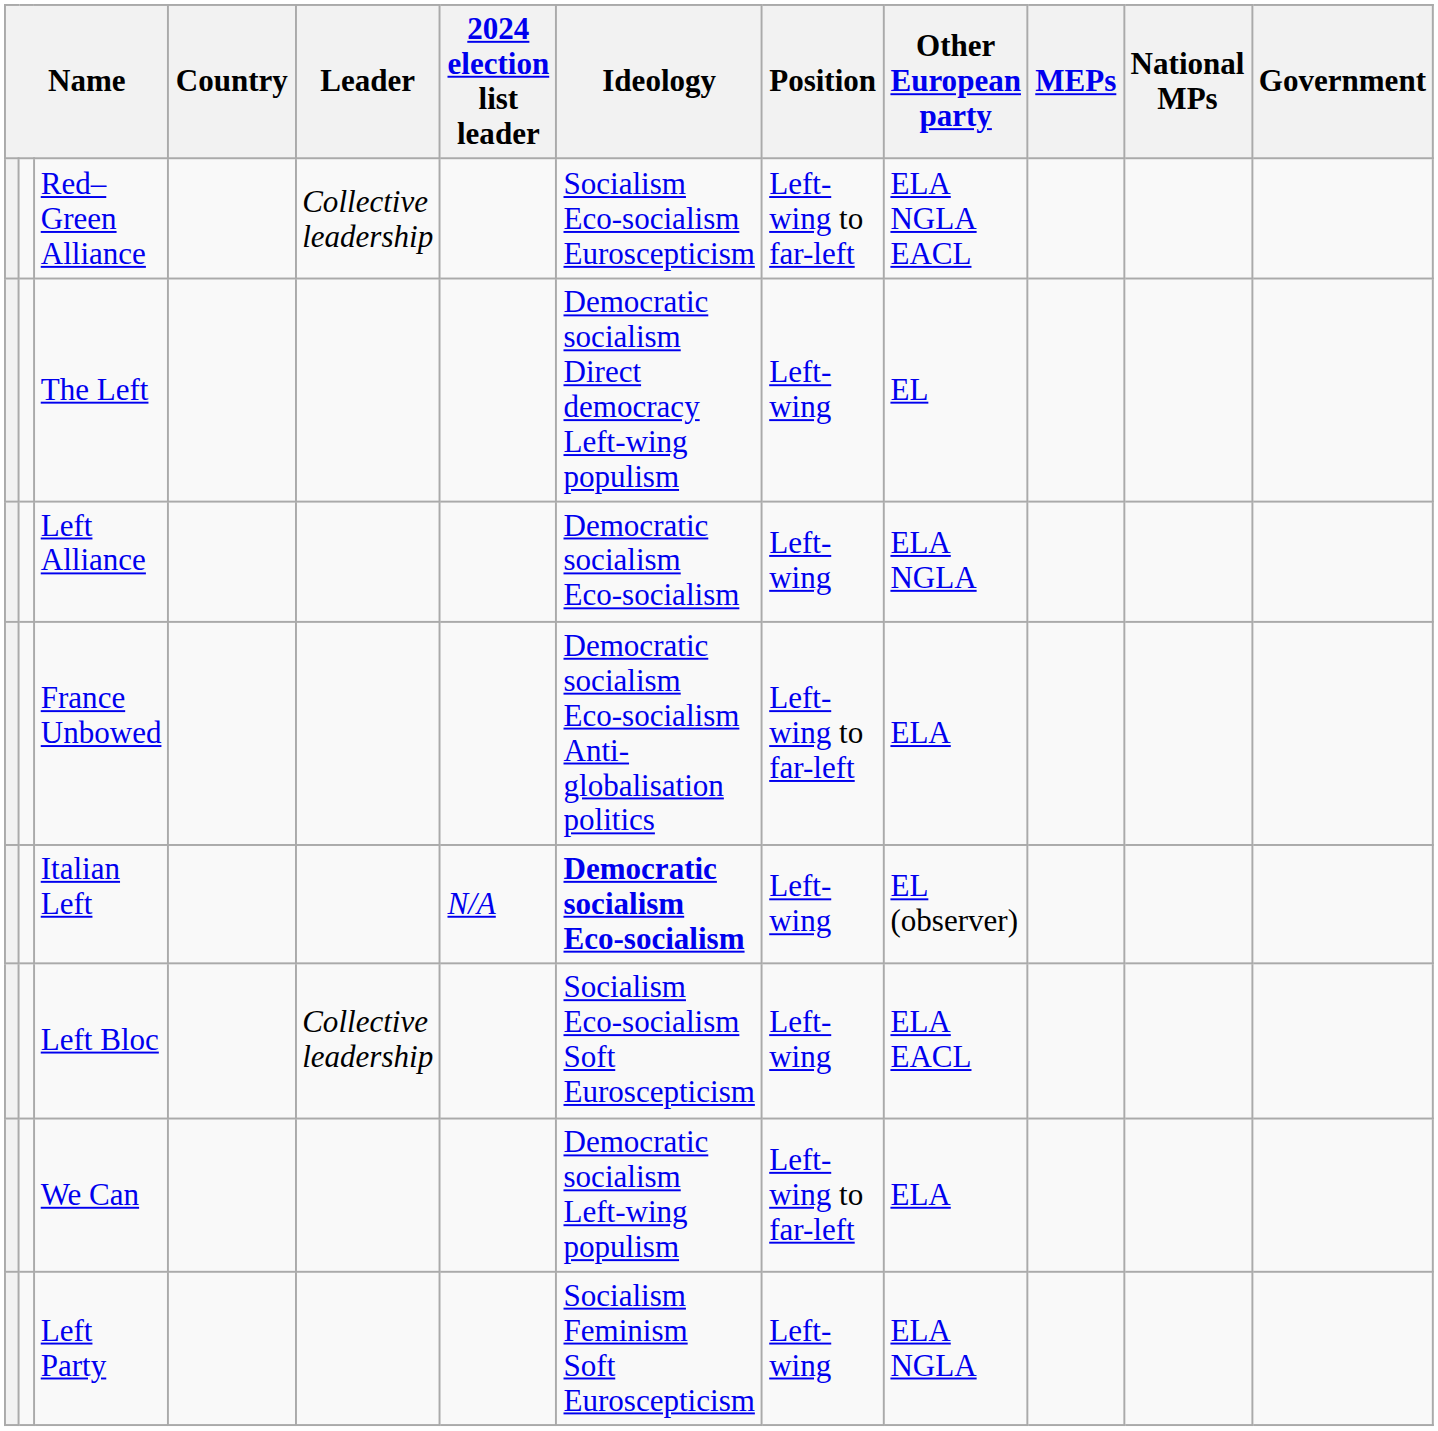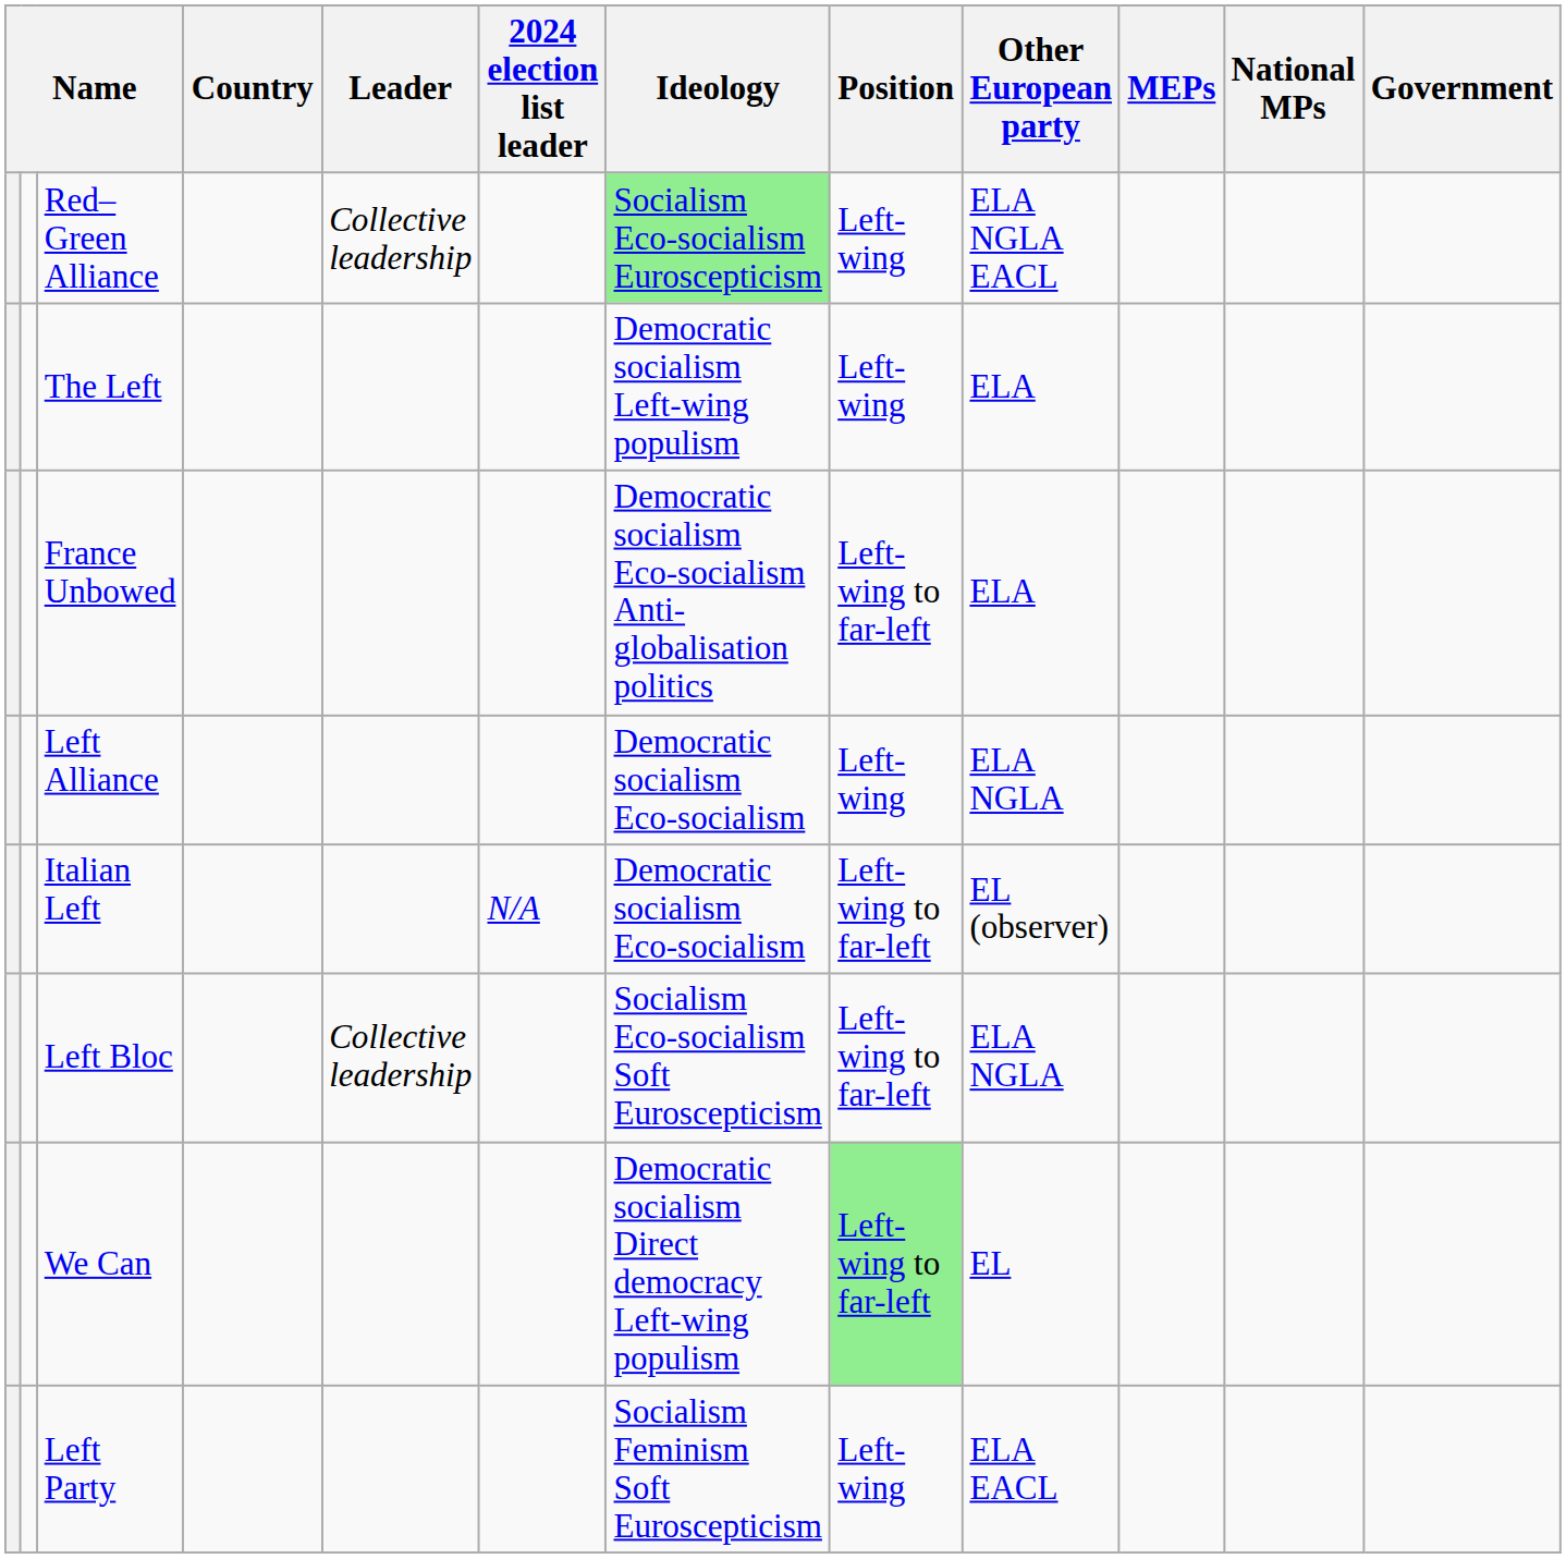 <table class="wikitable sortable">
 <tr>
 <th colspan="3">Name</th>
 <th>Country</th>
 <th>Leader</th>
 <th><a href='#'>2024 election</a><br>list leader</th>
 <th>Ideology</th>
 <th>Position</th>
 <th>Other <a href='#'>European party</a></th>
 <th><a href='#'>MEPs</a></th>
 <th>National MPs</th>
 <th>Government</th>
 </tr>
 <tr>
 <th width="5" style="background-color: "></th>
 <td></td>
 <td><a href='#'>Red–Green Alliance</a><br></td>
 <td></td>
 <td><em>Collective leadership</em></td>
 <td></td>
-<td><a href='#'>Socialism</a><br><a href='#'>Eco-socialism</a><br><a href='#'>Euroscepticism</a></td>
-<td><a href='#'>Left-wing</a> to <a href='#'>far-left</a></td>
+<td style="background: lightgreen;"><a href='#'>Socialism</a><br><a href='#'>Eco-socialism</a><br><a href='#'>Euroscepticism</a></td>
+<td><a href='#'>Left-wing</a></td>
 <td><a href='#'>ELA</a><br><a href='#'>NGLA</a><br><a href='#'>EACL</a></td>
 <td></td>
 <td></td>
 <td></td>
 </tr>
 <tr>
 <th width="5" style="background-color: "></th>
 <td></td>
 <td><a href='#'>The Left</a><br></td>
 <td></td>
 <td><br></td>
 <td><br></td>
-<td><a href='#'>Democratic socialism</a><br><a href='#'>Direct democracy</a><br><a href='#'>Left-wing populism</a></td>
+<td><a href='#'>Democratic socialism</a><br><a href='#'>Left-wing populism</a></td>
 <td><a href='#'>Left-wing</a></td>
-<td><a href='#'>EL</a></td>
+<td><a href='#'>ELA</a></td>
+<td></td>
+<td></td>
+<td></td>
+</tr>
+<tr>
+<th width="5" style="background-color: "></th>
+<td></td>
+<td><a href='#'>France Unbowed</a><br><br></td>
+<td></td>
+<td></td>
+<td></td>
+<td><a href='#'>Democratic socialism</a><br><a href='#'>Eco-socialism</a><br><a href='#'>Anti-globalisation politics</a></td>
+<td><a href='#'>Left-wing</a> to <a href='#'>far-left</a></td>
+<td><a href='#'>ELA</a></td>
 <td></td>
 <td></td>
 <td></td>
 </tr>
 <tr>
 <th width="5" style="background-color: "></th>
 <td></td>
 <td><a href='#'>Left Alliance</a><br><br></td>
 <td></td>
 <td></td>
 <td></td>
 <td><a href='#'>Democratic socialism</a><br><a href='#'>Eco-socialism</a></td>
 <td><a href='#'>Left-wing</a></td>
 <td><a href='#'>ELA</a><br><a href='#'>NGLA</a></td>
 <td></td>
 <td></td>
 <td></td>
 </tr>
 <tr>
 <th width="5" style="background-color: "></th>
 <td></td>
-<td><a href='#'>France Unbowed</a><br><br></td>
-<td></td>
-<td></td>
-<td></td>
-<td><a href='#'>Democratic socialism</a><br><a href='#'>Eco-socialism</a><br><a href='#'>Anti-globalisation politics</a></td>
-<td><a href='#'>Left-wing</a> to <a href='#'>far-left</a></td>
-<td><a href='#'>ELA</a></td>
-<td></td>
-<td></td>
-<td></td>
-</tr>
-<tr>
-<th width="5" style="background-color: "></th>
-<td></td>
 <td><a href='#'>Italian Left</a><br><br></td>
 <td></td>
 <td></td>
 <td><em><a href='#'>N/A</a></em></td>
-<td><strong><a href='#'>Democratic socialism</a><br><a href='#'>Eco-socialism</a></strong></td>
-<td><a href='#'>Left-wing</a></td>
+<td><a href='#'>Democratic socialism</a><br><a href='#'>Eco-socialism</a></td>
+<td><a href='#'>Left-wing</a> to <a href='#'>far-left</a></td>
 <td><a href='#'>EL</a><br>(observer)</td>
 <td></td>
 <td></td>
 <td></td>
 </tr>
 <tr>
 <th width="5" style="background-color: "></th>
 <td></td>
 <td><a href='#'>Left Bloc</a><br></td>
 <td></td>
 <td><em>Collective leadership</em></td>
 <td></td>
 <td><a href='#'>Socialism</a><br><a href='#'>Eco-socialism</a><br><a href='#'>Soft Euroscepticism</a></td>
-<td><a href='#'>Left-wing</a></td>
-<td><a href='#'>ELA</a><br><a href='#'>EACL</a></td>
+<td><a href='#'>Left-wing</a> to <a href='#'>far-left</a></td>
+<td><a href='#'>ELA</a><br><a href='#'>NGLA</a></td>
 <td></td>
 <td></td>
 <td></td>
 </tr>
 <tr>
 <th width="5" style="background-color: "></th>
 <td></td>
 <td><a href='#'>We Can</a><br></td>
 <td></td>
 <td></td>
 <td></td>
-<td><a href='#'>Democratic socialism</a><br><a href='#'>Left-wing populism</a></td>
-<td><a href='#'>Left-wing</a> to <a href='#'>far-left</a></td>
-<td><a href='#'>ELA</a></td>
+<td><a href='#'>Democratic socialism</a><br><a href='#'>Direct democracy</a><br><a href='#'>Left-wing populism</a></td>
+<td style="background: lightgreen;"><a href='#'>Left-wing</a> to <a href='#'>far-left</a></td>
+<td><a href='#'>EL</a></td>
 <td></td>
 <td></td>
 <td></td>
 </tr>
 <tr>
 <th width="5" style="background-color: "></th>
 <td></td>
 <td><a href='#'>Left Party</a><br></td>
 <td></td>
 <td></td>
 <td></td>
 <td><a href='#'>Socialism</a><br><a href='#'>Feminism</a><br><a href='#'>Soft Euroscepticism</a></td>
 <td><a href='#'>Left-wing</a></td>
-<td><a href='#'>ELA</a><br><a href='#'>NGLA</a></td>
+<td><a href='#'>ELA</a><br><a href='#'>EACL</a></td>
 <td></td>
 <td></td>
 <td></td>
 </tr>
 </table>
